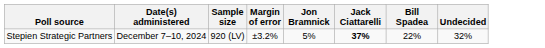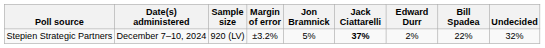 <table class="wikitable" style="font-size:90%;text-align:center;">
 <tr valign=bottom>
 <th>Poll source</th>
 <th>Date(s)<br>administered</th>
 <th>Sample<br>size</th>
 <th>Margin<br>of error</th>
 <th style="width:75px;">Jon<br>Bramnick</th>
 <th style="width:75px;">Jack<br>Ciattarelli</th>
+<th style="width:75px;">Edward<br>Durr</th>
 <th style="width:75px;">Bill<br>Spadea</th>
 <th>Undecided</th>
 </tr>
 <tr>
 <td style="text-align:left">Stepien Strategic Partners</td>
 <td>December 7–10, 2024</td>
 <td>920 (LV)</td>
 <td>±3.2%</td>
 <td>5%</td>
 <td><strong>37%</strong></td>
+<td>2%</td>
 <td>22%</td>
 <td>32%</td>
 </tr>
 </table>
